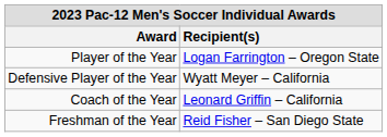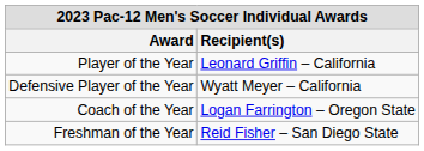 <table class="wikitable" style="white-space:nowrap; font-size:90%;">
 <tr>
 <td colspan="7" style="text-align:center; background:#ddd;"><strong>2023 Pac-12 Men's Soccer Individual Awards</strong></td>
 </tr>
 <tr>
 <th style="text-align:right;">Award</th>
 <th style="text-align:left;">Recipient(s)</th>
 </tr>
 <tr>
 <td style="text-align:right;">Player of the Year</td>
-<td style="text-align:left;"><a href='#'>Logan Farrington</a> – Oregon State</td>
+<td style="text-align:left;"><a href='#'>Leonard Griffin</a> – California</td>
 </tr>
 <tr>
 <td style="text-align:right;">Defensive Player of the Year</td>
 <td style="text-align:left;">Wyatt Meyer – California</td>
 </tr>
 <tr>
 <td style="text-align:right;">Coach of the Year</td>
-<td style="text-align:left;"><a href='#'>Leonard Griffin</a> – California</td>
+<td style="text-align:left;"><a href='#'>Logan Farrington</a> – Oregon State</td>
 </tr>
 <tr>
 <td style="text-align:right;">Freshman of the Year</td>
 <td style="text-align:left;"><a href='#'>Reid Fisher</a> – San Diego State</td>
 </tr>
 </table>
